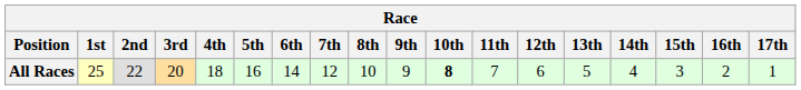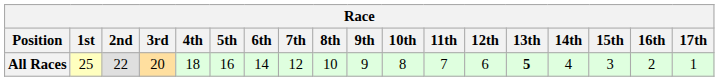 <table class="wikitable" style="font-size:85%; text-align:center">
 <tr>
 <th colspan=18>Race</th>
 </tr>
 <tr>
 <th>Position</th>
 <th> 1st </th>
 <th> 2nd </th>
 <th> 3rd </th>
 <th> 4th </th>
 <th> 5th </th>
 <th> 6th </th>
 <th> 7th </th>
 <th> 8th </th>
 <th> 9th </th>
 <th> 10th </th>
 <th> 11th </th>
 <th> 12th </th>
 <th> 13th </th>
 <th> 14th </th>
 <th> 15th </th>
 <th> 16th </th>
 <th> 17th </th>
 </tr>
 <tr>
 <th>All Races</th>
 <td style="background:#FFFFBF;">25</td>
 <td style="background:#DFDFDF;">22</td>
 <td style="background:#FFDF9F;">20</td>
 <td style="background:#DFFFDF;">18</td>
 <td style="background:#DFFFDF;">16</td>
 <td style="background:#DFFFDF;">14</td>
 <td style="background:#DFFFDF;">12</td>
 <td style="background:#DFFFDF;">10</td>
 <td style="background:#DFFFDF;">9</td>
-<td style="background:#DFFFDF;"><strong>8</strong></td>
+<td style="background:#DFFFDF;">8</td>
 <td style="background:#DFFFDF;">7</td>
 <td style="background:#DFFFDF;">6</td>
-<td style="background:#DFFFDF;">5</td>
+<td style="background:#DFFFDF;"><strong>5</strong></td>
 <td style="background:#DFFFDF;">4</td>
 <td style="background:#DFFFDF;">3</td>
 <td style="background:#DFFFDF;">2</td>
 <td style="background:#DFFFDF;">1</td>
 </tr>
 </table>
